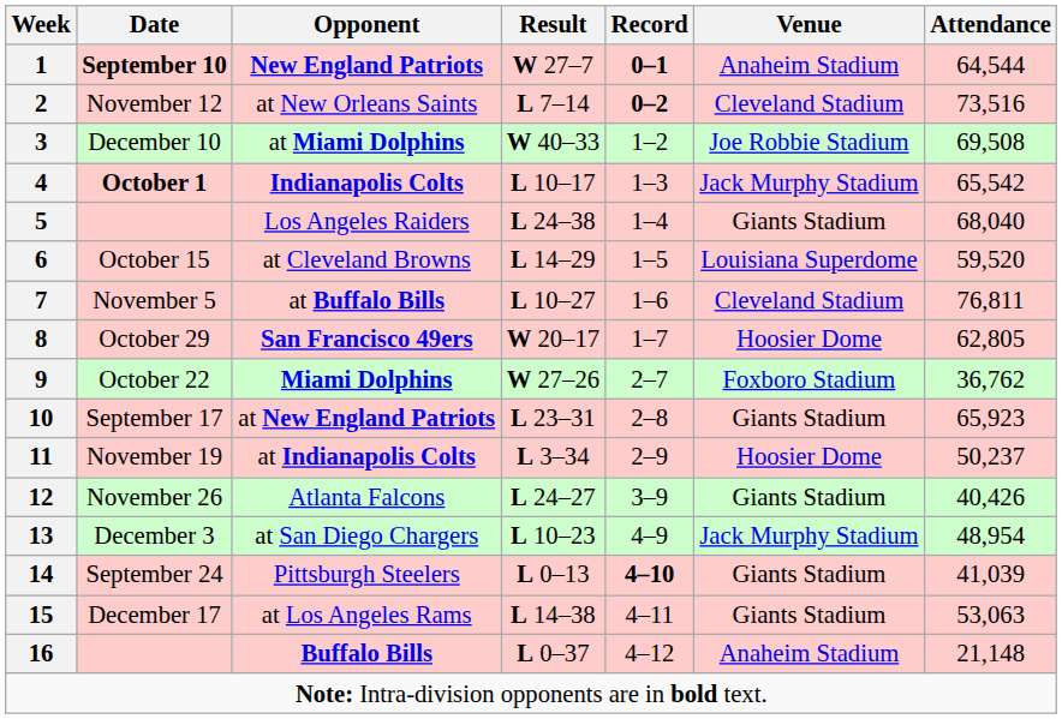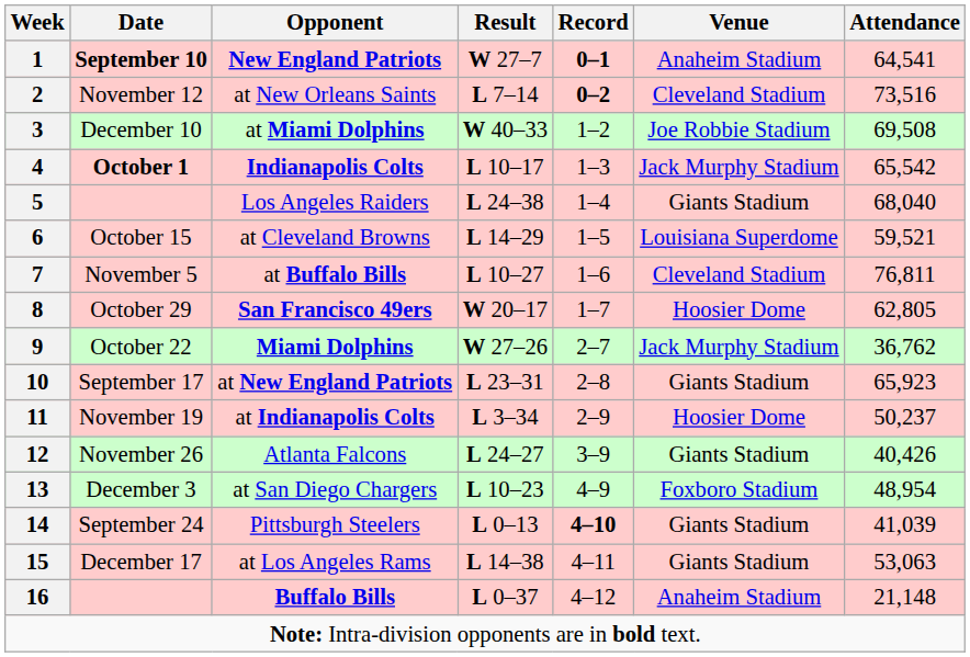 <table class="wikitable" style="text-align:center">
 <tr>
 <th>Week</th>
 <th>Date</th>
 <th>Opponent</th>
 <th>Result</th>
 <th>Record</th>
 <th>Venue</th>
 <th>Attendance</th>
 </tr>
 <tr style="background:#fcc">
 <th>1</th>
 <td><strong>September 10</strong></td>
 <td><strong><a href='#'>New England Patriots</a></strong></td>
 <td><strong>W</strong> 27–7</td>
 <td><strong>0–1</strong></td>
 <td><a href='#'>Anaheim Stadium</a></td>
-<td>64,544</td>
+<td>64,541</td>
 </tr>
 <tr style="background:#fcc">
 <th>2</th>
 <td>November 12</td>
 <td>at <a href='#'>New Orleans Saints</a></td>
 <td><strong>L</strong> 7–14</td>
 <td><strong>0–2</strong></td>
 <td><a href='#'>Cleveland Stadium</a></td>
 <td>73,516</td>
 </tr>
 <tr style="background:#cfc">
 <th>3</th>
 <td>December 10</td>
 <td>at <strong><a href='#'>Miami Dolphins</a></strong></td>
 <td><strong>W</strong> 40–33</td>
 <td>1–2</td>
 <td><a href='#'>Joe Robbie Stadium</a></td>
 <td>69,508</td>
 </tr>
 <tr style="background:#fcc">
 <th>4</th>
 <td><strong>October 1</strong></td>
 <td><strong><a href='#'>Indianapolis Colts</a></strong></td>
 <td><strong>L</strong> 10–17</td>
 <td>1–3</td>
 <td><a href='#'>Jack Murphy Stadium</a></td>
 <td>65,542</td>
 </tr>
 <tr style="background:#fcc">
 <th>5</th>
 <td></td>
 <td><a href='#'>Los Angeles Raiders</a></td>
 <td><strong>L</strong> 24–38</td>
 <td>1–4</td>
 <td>Giants Stadium</td>
 <td>68,040</td>
 </tr>
 <tr style="background:#fcc">
 <th>6</th>
 <td>October 15</td>
 <td>at <a href='#'>Cleveland Browns</a></td>
 <td><strong>L</strong> 14–29</td>
 <td>1–5</td>
 <td><a href='#'>Louisiana Superdome</a></td>
-<td>59,520</td>
+<td>59,521</td>
 </tr>
 <tr style="background:#fcc">
 <th>7</th>
 <td>November 5</td>
 <td>at <strong><a href='#'>Buffalo Bills</a></strong></td>
 <td><strong>L</strong> 10–27</td>
 <td>1–6</td>
 <td><a href='#'>Cleveland Stadium</a></td>
 <td>76,811</td>
 </tr>
 <tr style="background:#fcc">
 <th>8</th>
 <td>October 29</td>
 <td><strong><a href='#'>San Francisco 49ers</a></strong></td>
 <td><strong>W</strong> 20–17</td>
 <td>1–7</td>
 <td><a href='#'>Hoosier Dome</a></td>
 <td>62,805</td>
 </tr>
 <tr style="background:#cfc">
 <th>9</th>
 <td>October 22</td>
 <td><strong><a href='#'>Miami Dolphins</a></strong></td>
 <td><strong>W</strong> 27–26</td>
 <td>2–7</td>
-<td><a href='#'>Foxboro Stadium</a></td>
+<td><a href='#'>Jack Murphy Stadium</a></td>
 <td>36,762</td>
 </tr>
 <tr style="background:#fcc">
 <th>10</th>
 <td>September 17</td>
 <td>at <strong><a href='#'>New England Patriots</a></strong></td>
 <td><strong>L</strong> 23–31</td>
 <td>2–8</td>
 <td>Giants Stadium</td>
 <td>65,923</td>
 </tr>
 <tr style="background:#fcc">
 <th>11</th>
 <td>November 19</td>
 <td>at <strong><a href='#'>Indianapolis Colts</a></strong></td>
 <td><strong>L</strong> 3–34</td>
 <td>2–9</td>
 <td><a href='#'>Hoosier Dome</a></td>
 <td>50,237</td>
 </tr>
 <tr style="background:#cfc">
 <th>12</th>
 <td>November 26</td>
 <td><a href='#'>Atlanta Falcons</a></td>
 <td><strong>L</strong> 24–27</td>
 <td>3–9</td>
 <td>Giants Stadium</td>
 <td>40,426</td>
 </tr>
 <tr style="background:#cfc">
 <th>13</th>
 <td>December 3</td>
 <td>at <a href='#'>San Diego Chargers</a></td>
 <td><strong>L</strong> 10–23</td>
 <td>4–9</td>
-<td><a href='#'>Jack Murphy Stadium</a></td>
+<td><a href='#'>Foxboro Stadium</a></td>
 <td>48,954</td>
 </tr>
 <tr style="background:#fcc">
 <th>14</th>
 <td>September 24</td>
 <td><a href='#'>Pittsburgh Steelers</a></td>
 <td><strong>L</strong> 0–13</td>
 <td><strong>4–10</strong></td>
 <td>Giants Stadium</td>
 <td>41,039</td>
 </tr>
 <tr style="background:#fcc">
 <th>15</th>
 <td>December 17</td>
 <td>at <a href='#'>Los Angeles Rams</a></td>
 <td><strong>L</strong> 14–38</td>
 <td>4–11</td>
 <td>Giants Stadium</td>
 <td>53,063</td>
 </tr>
 <tr style="background:#fcc">
 <th>16</th>
 <td></td>
 <td><strong><a href='#'>Buffalo Bills</a></strong></td>
 <td><strong>L</strong> 0–37</td>
 <td>4–12</td>
 <td><a href='#'>Anaheim Stadium</a></td>
 <td>21,148</td>
 </tr>
 <tr>
 <td colspan="8"><strong>Note:</strong> Intra-division opponents are in <strong>bold</strong> text.</td>
 </tr>
 </table>
